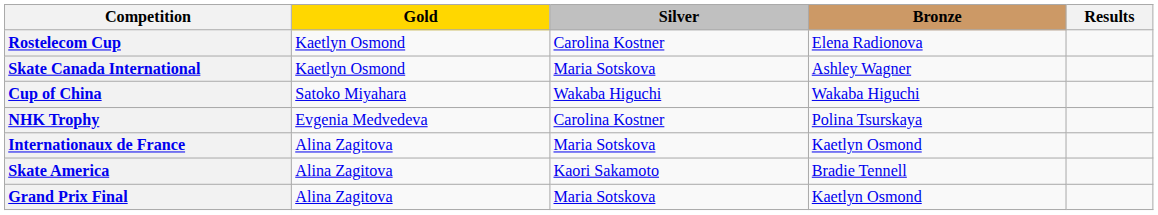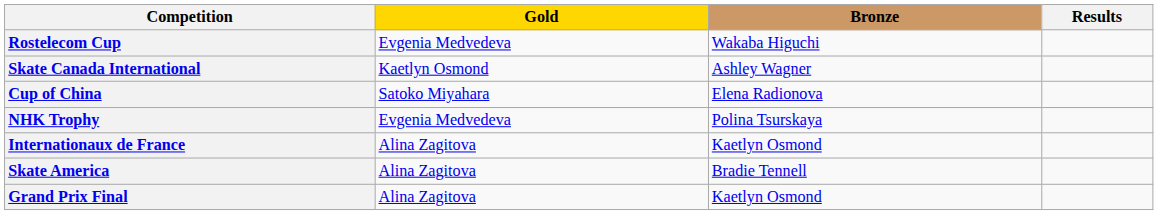 <table class="wikitable unsortable" style="text-align:left; width:90%">
 <tr>
 <th scope="col" style="text-align:center; width:25%;">Competition</th>
 <td scope="col" style="text-align:center; width:22.5%; background:gold"><strong>Gold</strong></td>
-<td scope="col" style="text-align:center; width:22.5%; background:silver"><strong>Silver</strong></td>
 <td scope="col" style="text-align:center; width:22.5%; background:#c96"><strong>Bronze</strong></td>
 <th scope="col" style="text-align:center; width:7.5%;">Results</th>
 </tr>
 <tr>
 <th scope="row" style="text-align:left"> <a href='#'>Rostelecom Cup</a></th>
-<td> <a href='#'>Kaetlyn Osmond</a></td>
-<td> <a href='#'>Carolina Kostner</a></td>
-<td> <a href='#'>Elena Radionova</a></td>
+<td> <a href='#'>Evgenia Medvedeva</a></td>
+<td> <a href='#'>Wakaba Higuchi</a></td>
 <td></td>
 </tr>
 <tr>
 <th scope="row" style="text-align:left"> <a href='#'>Skate Canada International</a></th>
 <td> <a href='#'>Kaetlyn Osmond</a></td>
-<td> <a href='#'>Maria Sotskova</a></td>
 <td> <a href='#'>Ashley Wagner</a></td>
 <td></td>
 </tr>
 <tr>
 <th scope="row" style="text-align:left"> <a href='#'>Cup of China</a></th>
 <td> <a href='#'>Satoko Miyahara</a></td>
-<td> <a href='#'>Wakaba Higuchi</a></td>
-<td> <a href='#'>Wakaba Higuchi</a></td>
+<td> <a href='#'>Elena Radionova</a></td>
 <td></td>
 </tr>
 <tr>
 <th scope="row" style="text-align:left"> <a href='#'>NHK Trophy</a></th>
 <td> <a href='#'>Evgenia Medvedeva</a></td>
-<td> <a href='#'>Carolina Kostner</a></td>
 <td> <a href='#'>Polina Tsurskaya</a></td>
 <td></td>
 </tr>
 <tr>
 <th scope="row" style="text-align:left"> <a href='#'>Internationaux de France</a></th>
 <td> <a href='#'>Alina Zagitova</a></td>
-<td> <a href='#'>Maria Sotskova</a></td>
 <td> <a href='#'>Kaetlyn Osmond</a></td>
 <td></td>
 </tr>
 <tr>
 <th scope="row" style="text-align:left"> <a href='#'>Skate America</a></th>
 <td> <a href='#'>Alina Zagitova</a></td>
-<td> <a href='#'>Kaori Sakamoto</a></td>
 <td> <a href='#'>Bradie Tennell</a></td>
 <td></td>
 </tr>
 <tr>
 <th scope="row" style="text-align:left"> <a href='#'>Grand Prix Final</a></th>
 <td> <a href='#'>Alina Zagitova</a></td>
-<td> <a href='#'>Maria Sotskova</a></td>
 <td> <a href='#'>Kaetlyn Osmond</a></td>
 <td></td>
 </tr>
 </table>
